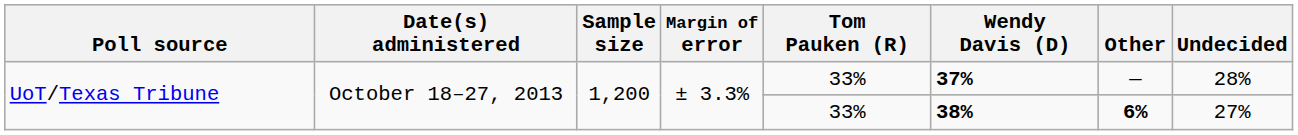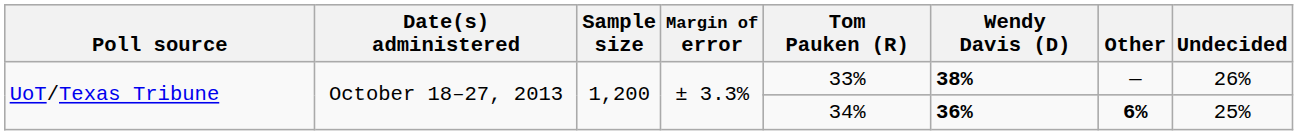 <table class="wikitable">
 <tr valign= bottom>
 <th style="width:190px;">Poll source</th>
 <th style="width:160px;">Date(s)<br>administered</th>
 <th class=small>Sample<br>size</th>
 <th><small>Margin of</small><br>error</th>
 <th style="width:100px;">Tom<br>Pauken (R)</th>
 <th style="width:100px;">Wendy<br>Davis (D)</th>
 <th style="width:40px;">Other</th>
 <th style="width:40px;">Undecided</th>
 </tr>
 <tr>
 <td rowspan=2><a href='#'>UoT</a>/<a href='#'>Texas Tribune</a></td>
 <td align=center rowspan=2>October 18–27, 2013</td>
 <td align=center rowspan=2>1,200</td>
 <td align=center rowspan=2>± 3.3%</td>
 <td align=center>33%</td>
-<td><strong>37%</strong></td>
+<td><strong>38%</strong></td>
 <td align=center>—</td>
-<td align=center>28%</td>
+<td align=center>26%</td>
 </tr>
 <tr>
-<td align=center>33%</td>
-<td><strong>38%</strong></td>
+<td align=center>34%</td>
+<td><strong>36%</strong></td>
 <td align=center><strong>6%</strong></td>
-<td align=center>27%</td>
+<td align=center>25%</td>
 </tr>
 </table>
